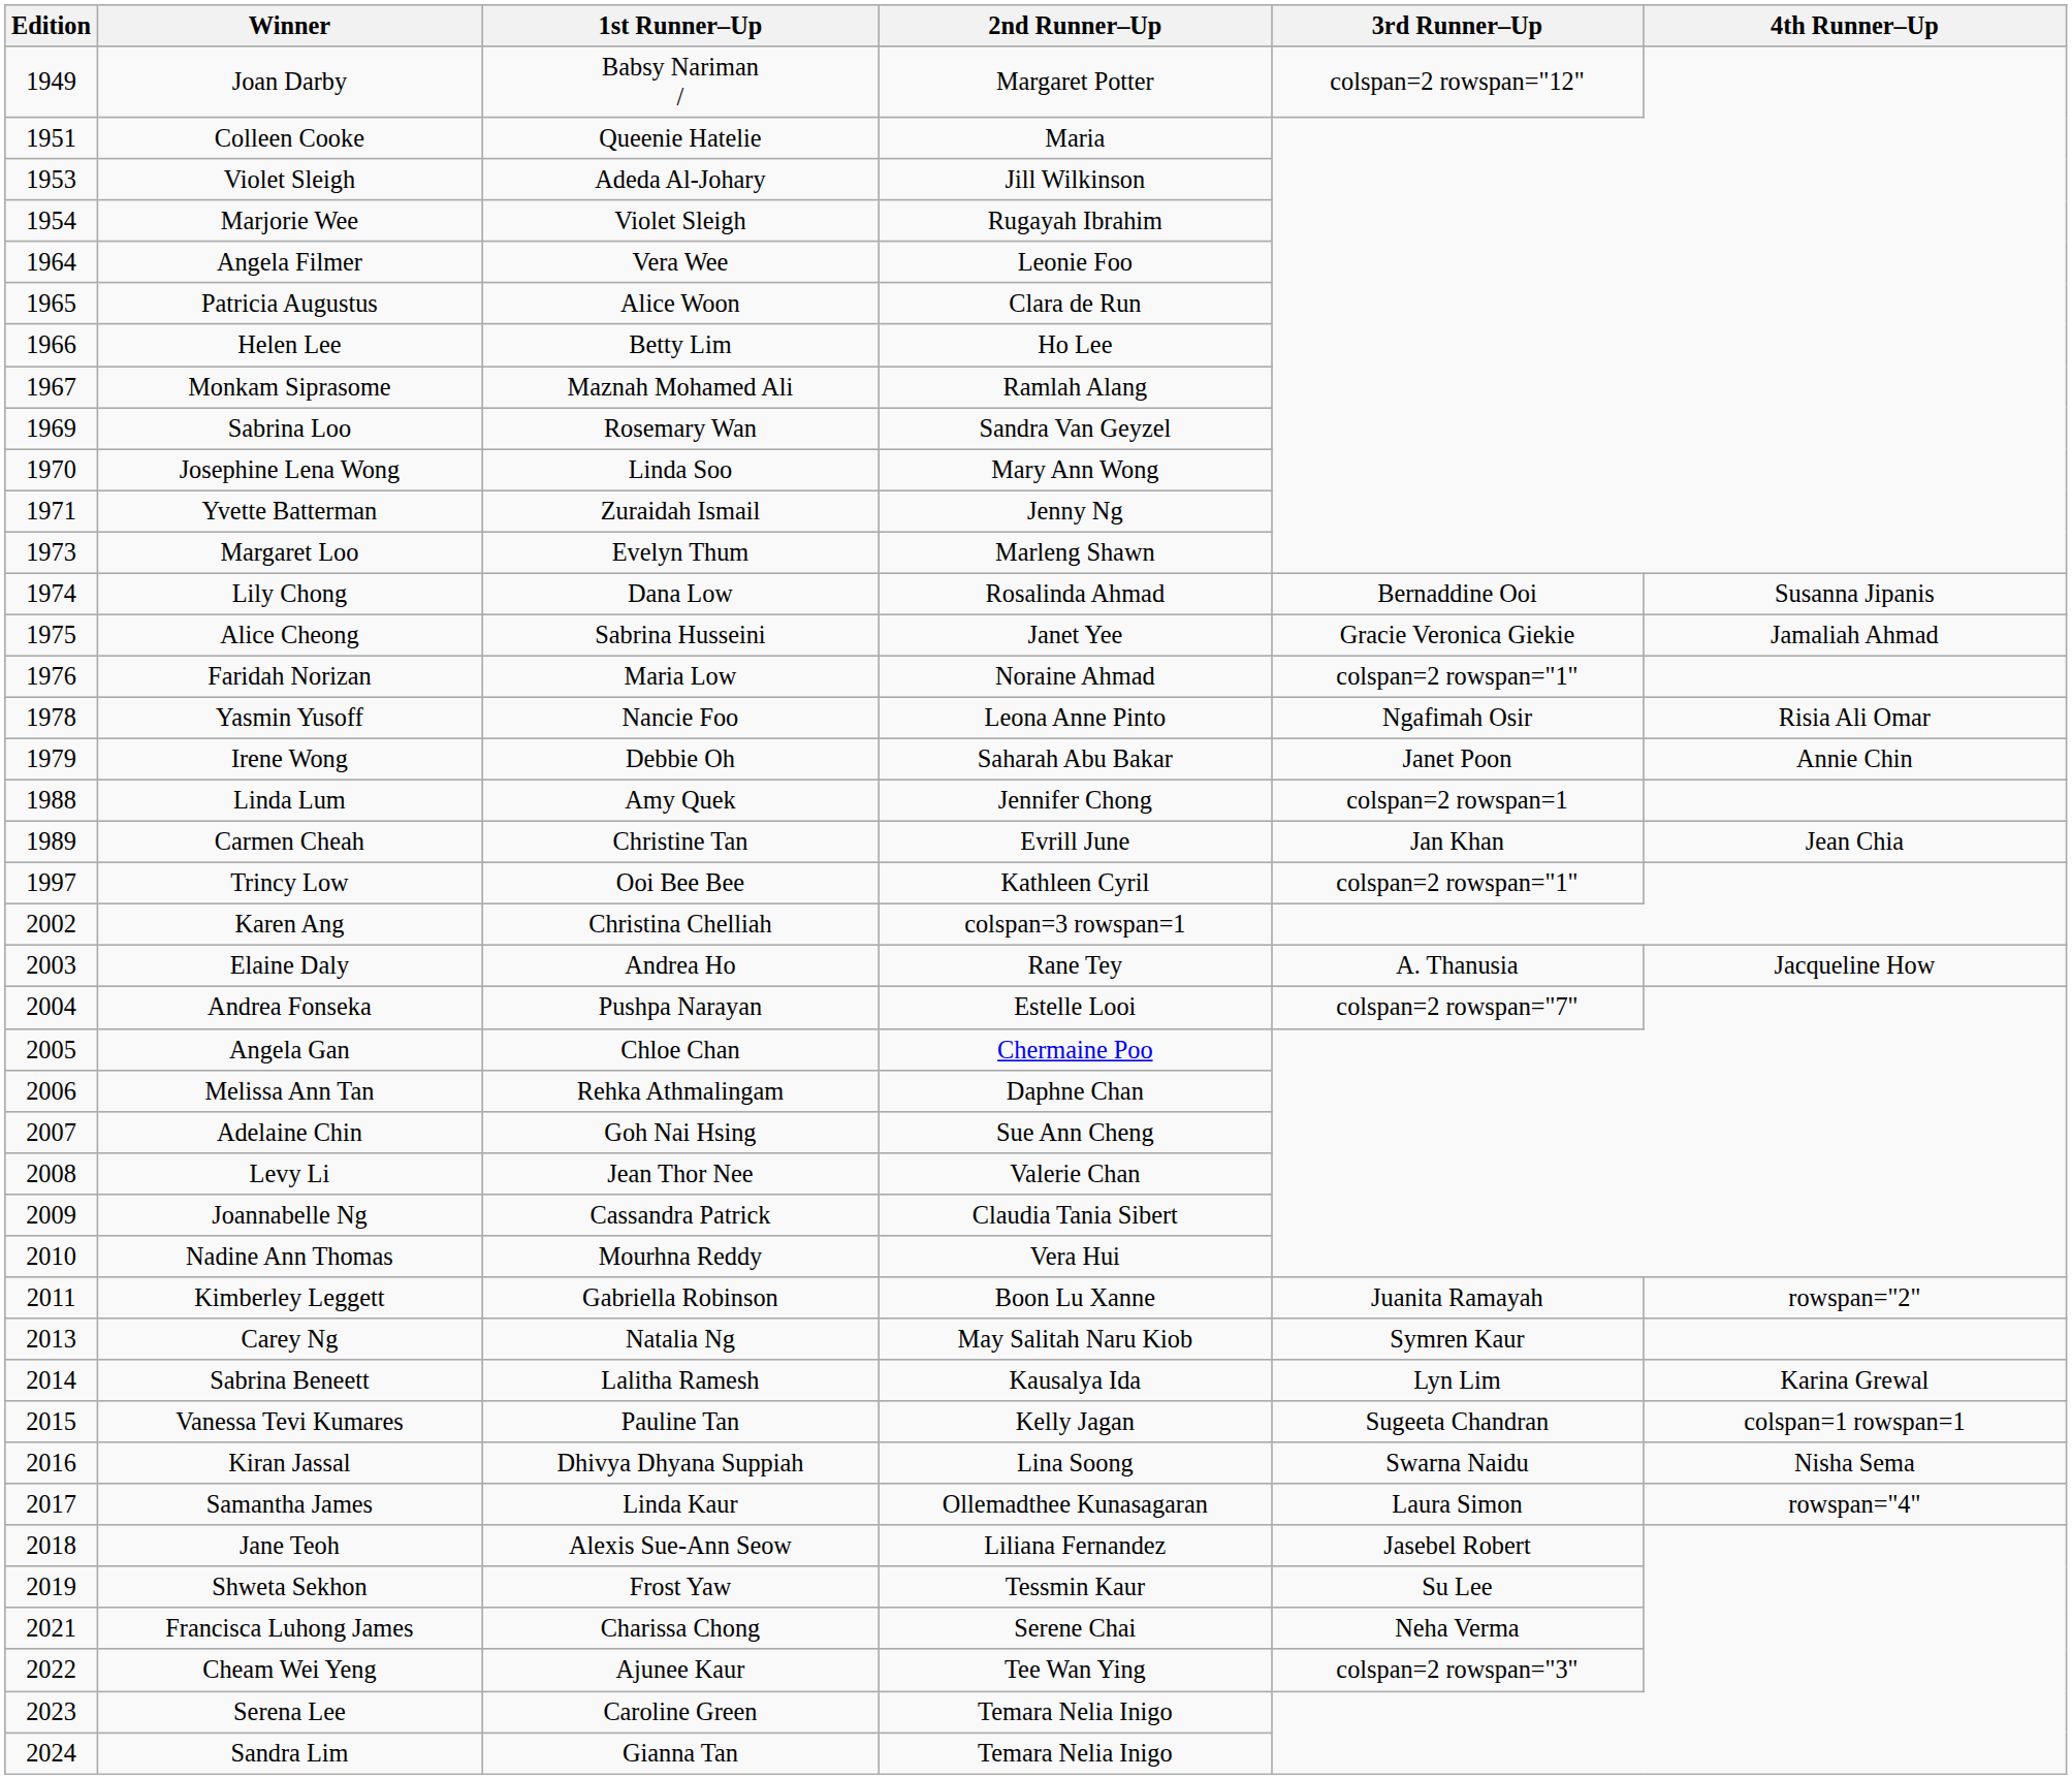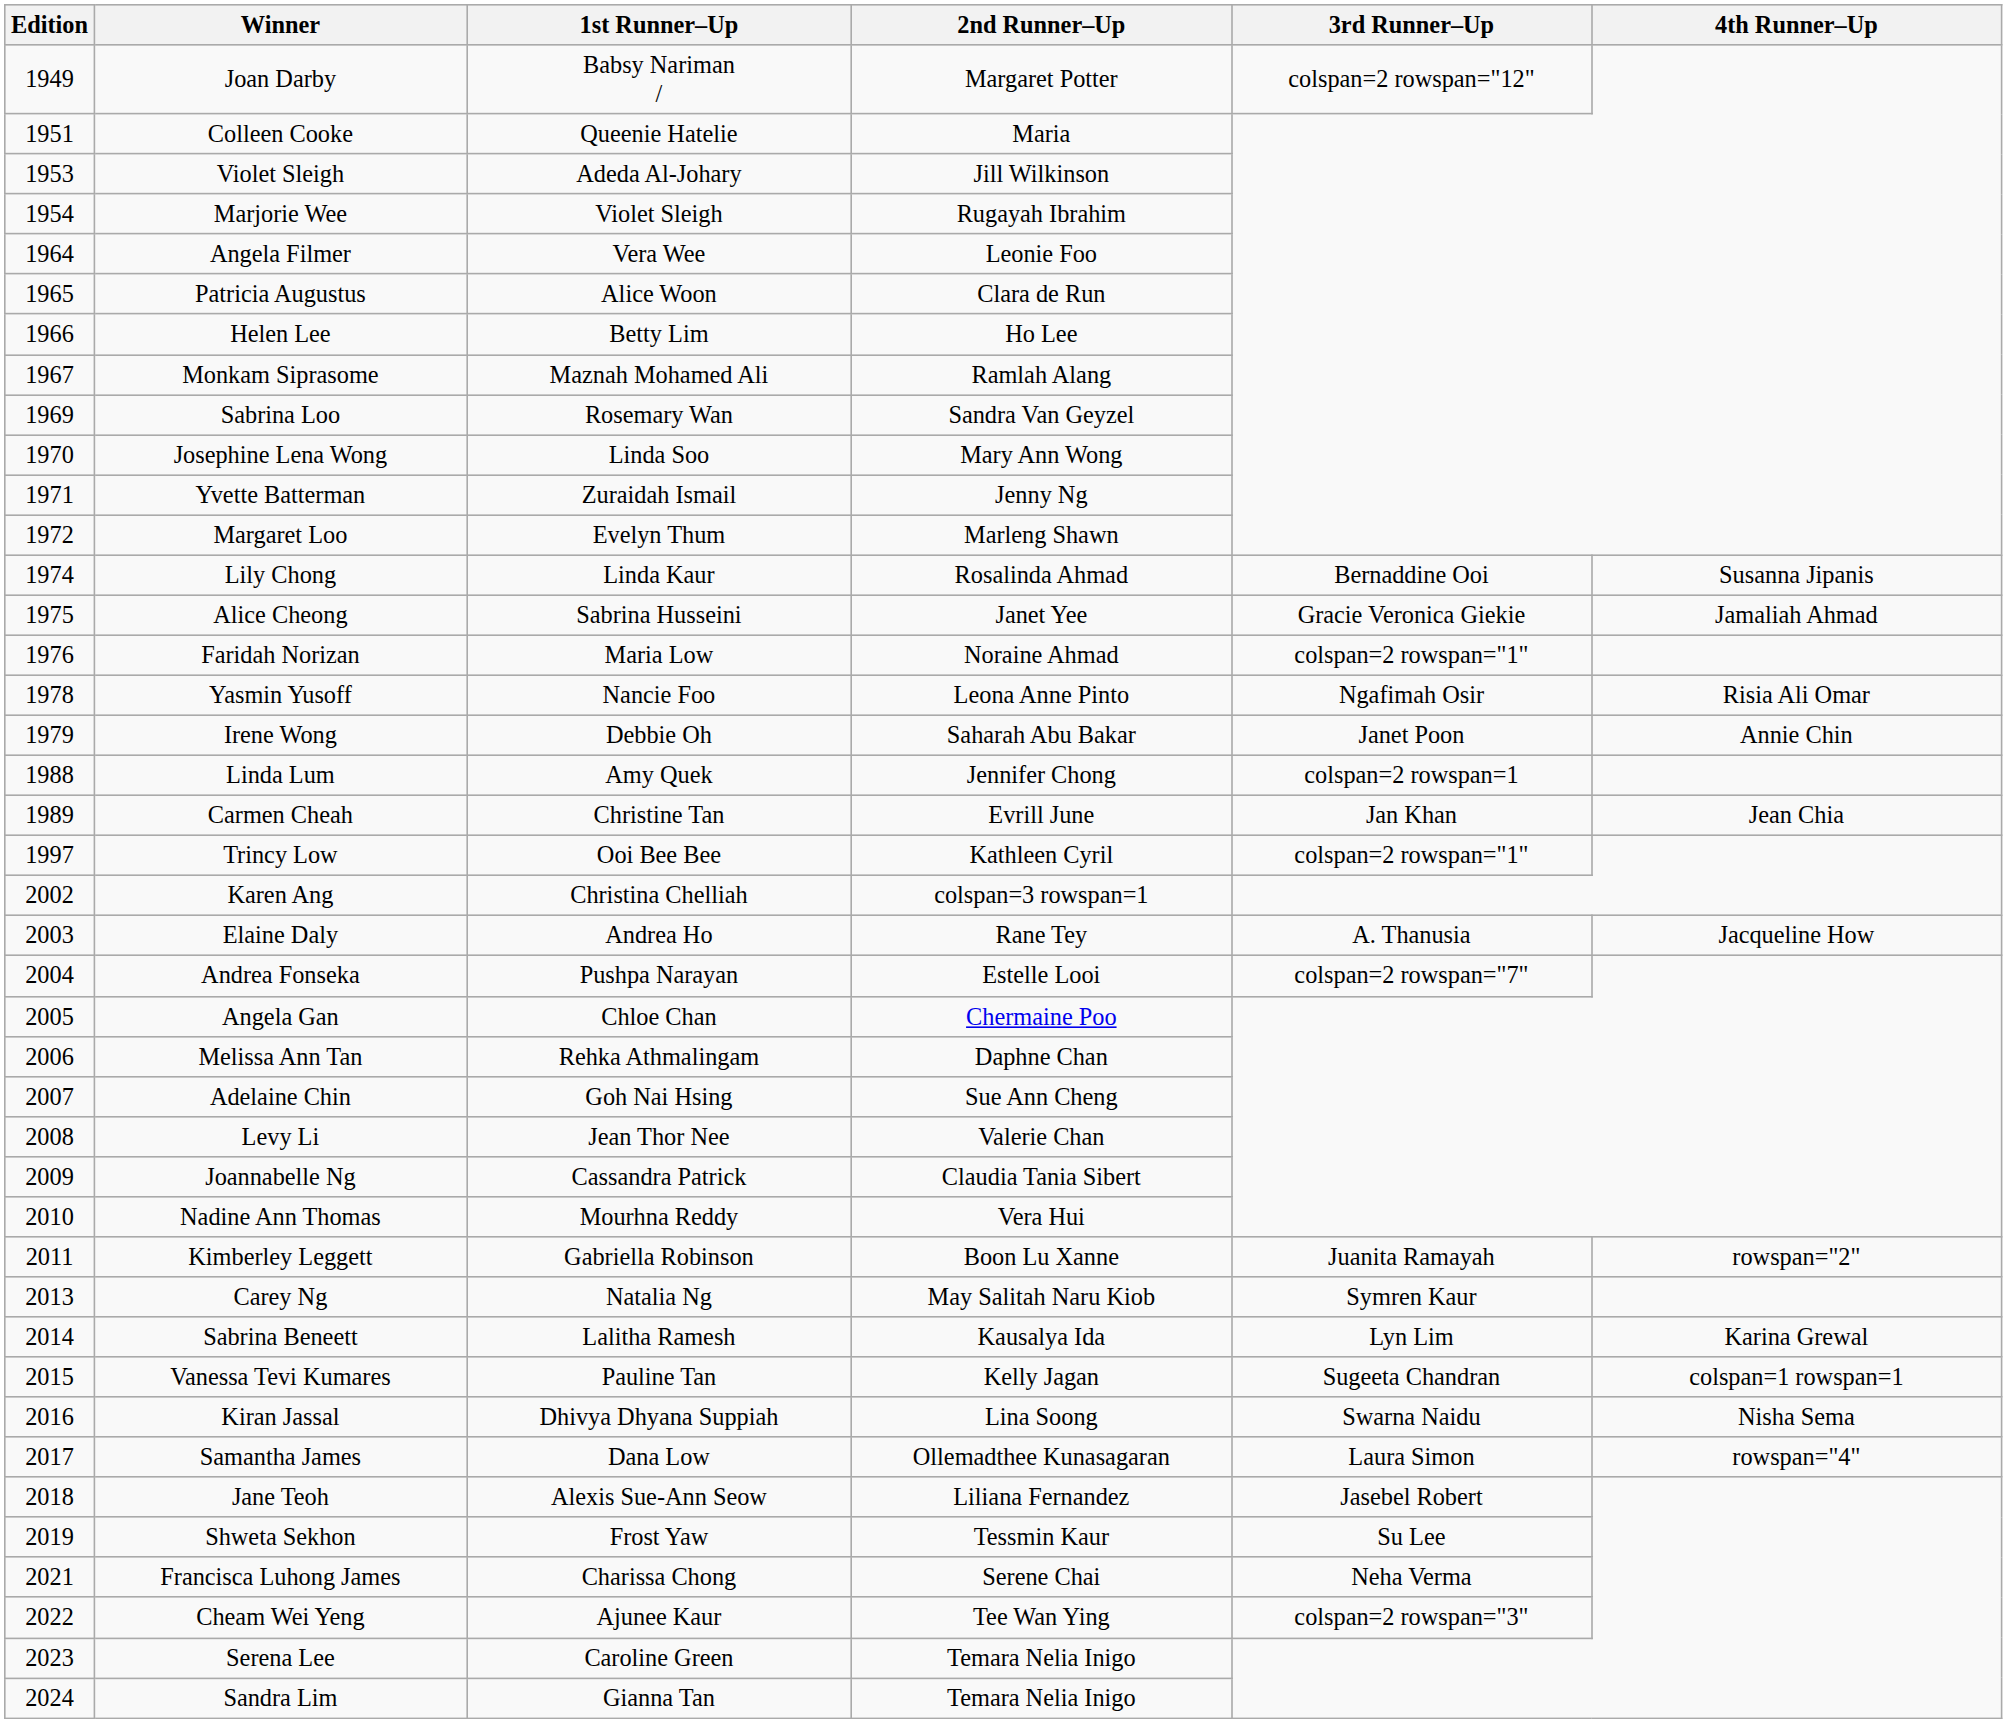 <table class="wikitable sortable" style="font-size: 95%; text-align:center;">
 <tr>
 <th width="50">Edition</th>
 <th width="500">Winner<br></th>
 <th width="500">1st Runner–Up<br></th>
 <th width="500">2nd Runner–Up<br></th>
 <th width="450">3rd Runner–Up<br></th>
 <th width="550">4th Runner–Up<br></th>
 </tr>
 <tr>
 <td>1949</td>
 <td>Joan Darby<br></td>
 <td>Babsy Nariman<br>/</td>
 <td>Margaret Potter<br></td>
 <td>colspan=2 rowspan="12" </td>
 </tr>
 <tr>
 <td>1951</td>
 <td>Colleen Cooke<br></td>
 <td>Queenie Hatelie<br></td>
 <td>Maria<br></td>
 </tr>
 <tr>
 <td>1953</td>
 <td>Violet Sleigh<br></td>
 <td>Adeda Al-Johary<br></td>
 <td>Jill Wilkinson<br></td>
 </tr>
 <tr>
 <td>1954</td>
 <td>Marjorie Wee<br></td>
 <td>Violet Sleigh<br></td>
 <td>Rugayah Ibrahim<br></td>
 </tr>
 <tr style="text-align:center;">
 <td>1964</td>
 <td>Angela Filmer<br></td>
 <td>Vera Wee<br></td>
 <td>Leonie Foo<br></td>
 </tr>
 <tr>
 <td>1965</td>
 <td>Patricia Augustus<br></td>
 <td>Alice Woon<br></td>
 <td>Clara de Run<br></td>
 </tr>
 <tr>
 <td>1966</td>
 <td>Helen Lee<br></td>
 <td>Betty Lim<br></td>
 <td>Ho Lee<br></td>
 </tr>
 <tr>
 <td>1967</td>
 <td>Monkam Siprasome<br></td>
 <td>Maznah Mohamed Ali<br></td>
 <td>Ramlah Alang<br></td>
 </tr>
 <tr>
 <td>1969</td>
 <td>Sabrina Loo<br></td>
 <td>Rosemary Wan<br></td>
 <td>Sandra Van Geyzel<br></td>
 </tr>
 <tr>
 <td>1970</td>
 <td>Josephine Lena Wong<br></td>
 <td>Linda Soo<br></td>
 <td>Mary Ann Wong<br></td>
 </tr>
 <tr>
 <td>1971</td>
 <td>Yvette Batterman<br></td>
 <td>Zuraidah Ismail<br></td>
 <td>Jenny Ng<br></td>
 </tr>
 <tr>
-<td>1973</td>
+<td>1972</td>
 <td>Margaret Loo<br></td>
 <td>Evelyn Thum<br></td>
 <td>Marleng Shawn<br></td>
 </tr>
 <tr>
 <td>1974</td>
 <td>Lily Chong<br></td>
-<td>Dana Low<br></td>
+<td>Linda Kaur<br></td>
 <td>Rosalinda Ahmad<br></td>
 <td>Bernaddine Ooi<br></td>
 <td>Susanna Jipanis<br></td>
 </tr>
 <tr>
 <td>1975</td>
 <td>Alice Cheong<br></td>
 <td>Sabrina Husseini<br></td>
 <td>Janet Yee<br></td>
 <td>Gracie Veronica Giekie<br></td>
 <td>Jamaliah Ahmad<br></td>
 </tr>
 <tr>
 <td>1976</td>
 <td>Faridah Norizan<br></td>
 <td>Maria Low<br></td>
 <td>Noraine Ahmad</td>
 <td>colspan=2 rowspan="1" </td>
 </tr>
 <tr>
 <td>1978</td>
 <td>Yasmin Yusoff<br></td>
 <td>Nancie Foo<br></td>
 <td>Leona Anne Pinto<br></td>
 <td>Ngafimah Osir<br></td>
 <td>Risia Ali Omar<br></td>
 </tr>
 <tr>
 <td>1979</td>
 <td>Irene Wong<br></td>
 <td>Debbie Oh<br></td>
 <td>Saharah Abu Bakar<br></td>
 <td>Janet Poon<br></td>
 <td>Annie Chin<br></td>
 </tr>
 <tr>
 <td>1988</td>
 <td>Linda Lum<br></td>
 <td>Amy Quek<br></td>
 <td>Jennifer Chong<br></td>
 <td>colspan=2 rowspan=1 </td>
 </tr>
 <tr>
 <td>1989</td>
 <td>Carmen Cheah<br></td>
 <td>Christine Tan<br></td>
 <td>Evrill June<br></td>
 <td>Jan Khan<br></td>
 <td>Jean Chia<br></td>
 </tr>
 <tr>
 <td>1997</td>
 <td>Trincy Low<br></td>
 <td>Ooi Bee Bee</td>
 <td>Kathleen Cyril</td>
 <td>colspan=2 rowspan="1" </td>
 </tr>
 <tr>
 <td>2002</td>
 <td>Karen Ang<br></td>
 <td>Christina Chelliah<br></td>
 <td>colspan=3 rowspan=1 </td>
 </tr>
 <tr>
 <td>2003</td>
 <td>Elaine Daly<br></td>
 <td>Andrea Ho<br></td>
 <td>Rane Tey<br></td>
 <td>A. Thanusia<br></td>
 <td>Jacqueline How<br></td>
 </tr>
 <tr>
 <td>2004</td>
 <td>Andrea Fonseka<br></td>
 <td>Pushpa Narayan<br></td>
 <td>Estelle Looi<br></td>
 <td>colspan=2 rowspan="7" </td>
 </tr>
 <tr>
 <td>2005</td>
 <td>Angela Gan<br></td>
 <td>Chloe Chan<br></td>
 <td><a href='#'>Chermaine Poo</a><br></td>
 </tr>
 <tr>
 <td>2006</td>
 <td>Melissa Ann Tan<br></td>
 <td>Rehka Athmalingam<br></td>
 <td>Daphne Chan<br></td>
 </tr>
 <tr>
 <td>2007</td>
 <td>Adelaine Chin<br></td>
 <td>Goh Nai Hsing<br></td>
 <td>Sue Ann Cheng<br></td>
 </tr>
 <tr>
 <td>2008</td>
 <td>Levy Li<br></td>
 <td>Jean Thor Nee<br></td>
 <td>Valerie Chan<br></td>
 </tr>
 <tr>
 <td>2009</td>
 <td>Joannabelle Ng<br></td>
 <td>Cassandra Patrick<br></td>
 <td>Claudia Tania Sibert<br></td>
 </tr>
 <tr>
 <td>2010</td>
 <td>Nadine Ann Thomas<br></td>
 <td>Mourhna Reddy<br></td>
 <td>Vera Hui<br></td>
 </tr>
 <tr>
 <td>2011</td>
 <td>Kimberley Leggett<br></td>
 <td>Gabriella Robinson<br></td>
 <td>Boon Lu Xanne<br></td>
 <td>Juanita Ramayah<br></td>
 <td>rowspan="2" </td>
 </tr>
 <tr>
 <td>2013</td>
 <td>Carey Ng<br></td>
 <td>Natalia Ng<br></td>
 <td>May Salitah Naru Kiob<br></td>
 <td>Symren Kaur<br></td>
 </tr>
 <tr>
 <td>2014</td>
 <td>Sabrina Beneett<br></td>
 <td>Lalitha Ramesh<br></td>
 <td>Kausalya Ida<br></td>
 <td>Lyn Lim<br></td>
 <td>Karina Grewal<br></td>
 </tr>
 <tr>
 <td>2015</td>
 <td>Vanessa Tevi Kumares<br></td>
 <td>Pauline Tan<br></td>
 <td>Kelly Jagan<br></td>
 <td>Sugeeta Chandran<br></td>
 <td>colspan=1 rowspan=1 </td>
 </tr>
 <tr>
 <td>2016</td>
 <td>Kiran Jassal<br></td>
 <td>Dhivya Dhyana Suppiah<br></td>
 <td>Lina Soong<br></td>
 <td>Swarna Naidu<br></td>
 <td>Nisha Sema<br></td>
 </tr>
 <tr>
 <td>2017</td>
 <td>Samantha James<br></td>
-<td>Linda Kaur<br></td>
+<td>Dana Low<br></td>
 <td>Ollemadthee Kunasagaran<br></td>
 <td>Laura Simon<br></td>
 <td>rowspan="4" </td>
 </tr>
 <tr>
 <td>2018</td>
 <td>Jane Teoh<br></td>
 <td>Alexis Sue-Ann Seow<br></td>
 <td>Liliana Fernandez<br></td>
 <td>Jasebel Robert<br></td>
 </tr>
 <tr>
 <td>2019</td>
 <td>Shweta Sekhon<br></td>
 <td>Frost Yaw<br></td>
 <td>Tessmin Kaur<br></td>
 <td>Su Lee<br></td>
 </tr>
 <tr>
 <td>2021</td>
 <td>Francisca Luhong James<br></td>
 <td>Charissa Chong<br></td>
 <td>Serene Chai<br></td>
 <td>Neha Verma<br></td>
 </tr>
 <tr>
 <td>2022</td>
 <td>Cheam Wei Yeng<br></td>
 <td>Ajunee Kaur<br></td>
 <td>Tee Wan Ying<br></td>
 <td>colspan=2 rowspan="3" </td>
 </tr>
 <tr>
 <td>2023</td>
 <td>Serena Lee<br></td>
 <td>Caroline Green<br></td>
 <td>Temara Nelia Inigo<br></td>
 </tr>
 <tr>
 <td>2024</td>
 <td>Sandra Lim<br></td>
 <td>Gianna Tan<br></td>
 <td>Temara Nelia Inigo<br></td>
 </tr>
 </table>
